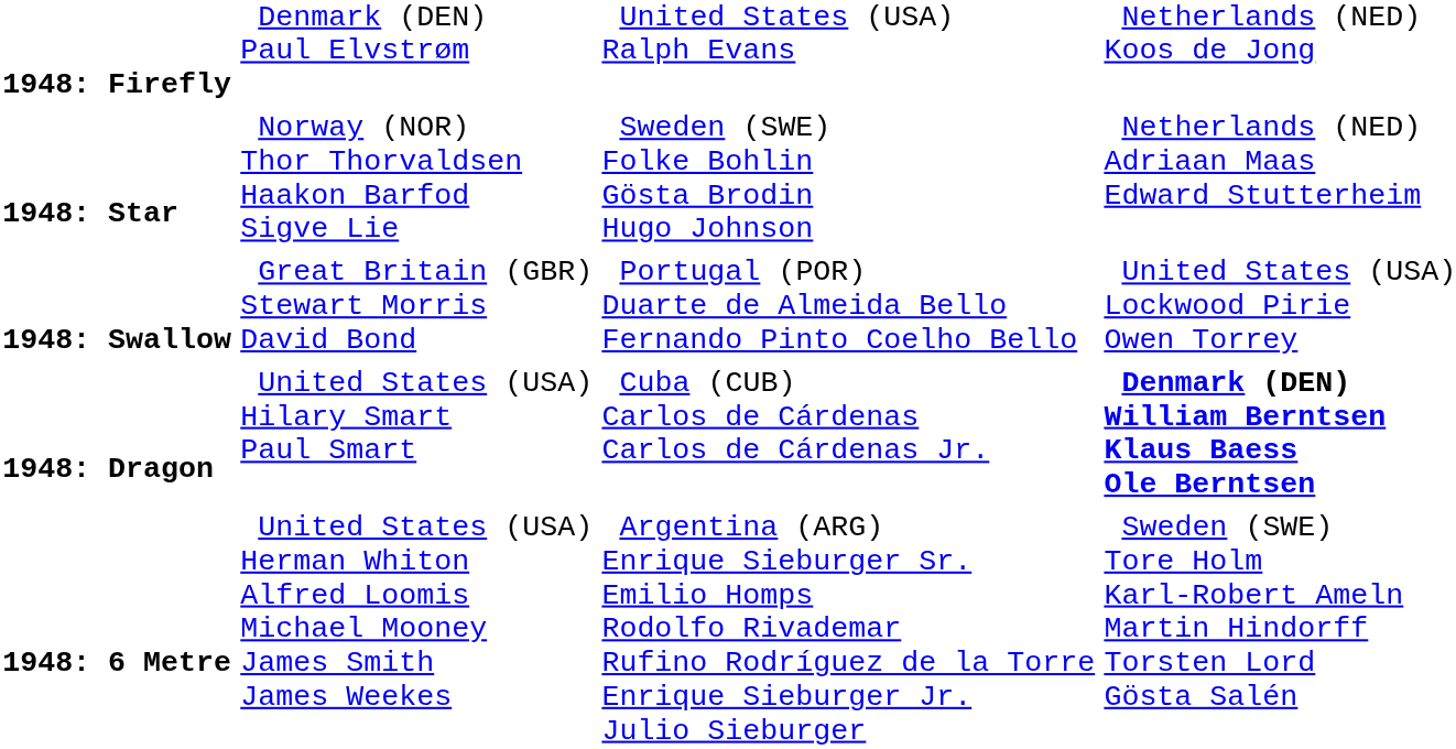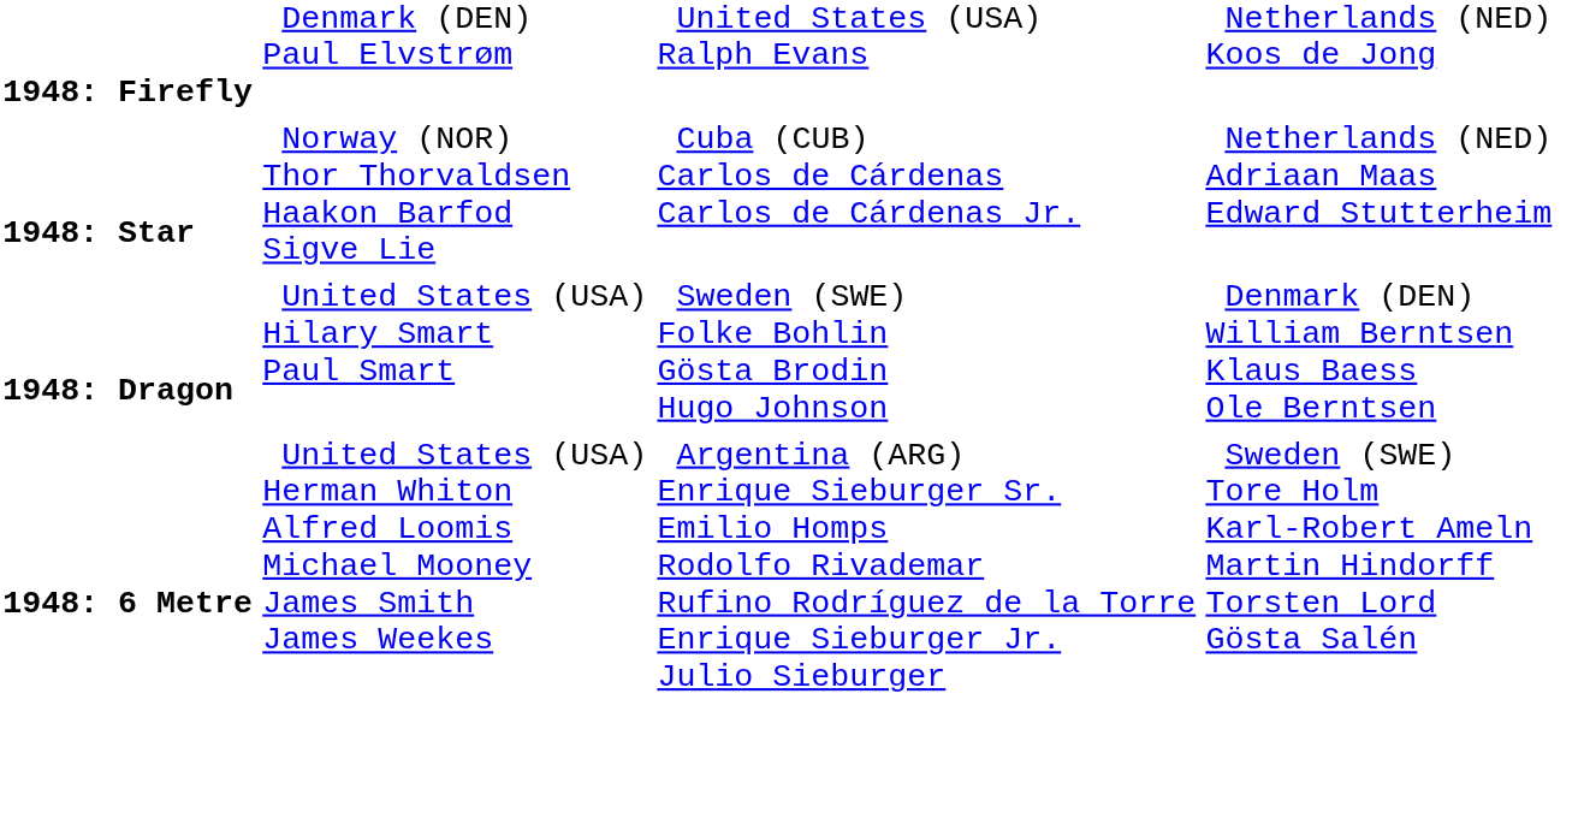 <table>
 <tr>
 <td style="align:center;"><br><br><strong>1948: Firefly</strong> <br></td>
 <td style="vertical-align:top;"> <a href='#'>Denmark</a> <span>(DEN)</span><br><a href='#'>Paul Elvstrøm</a></td>
 <td style="vertical-align:top;"> <a href='#'>United States</a> <span>(USA)</span><br><a href='#'>Ralph Evans</a></td>
 <td style="vertical-align:top;"> <a href='#'>Netherlands</a> <span>(NED)</span><br><a href='#'>Koos de Jong</a></td>
 </tr>
 <tr>
 <td style="align:center;"><br><br><strong>1948: Star</strong> <br></td>
 <td style="vertical-align:top;"> <a href='#'>Norway</a> <span>(NOR)</span><br><a href='#'>Thor Thorvaldsen</a><br><a href='#'>Haakon Barfod</a><br><a href='#'>Sigve Lie</a></td>
-<td style="vertical-align:top;"> <a href='#'>Sweden</a> <span>(SWE)</span><br><a href='#'>Folke Bohlin</a><br><a href='#'>Gösta Brodin</a><br><a href='#'>Hugo Johnson</a></td>
+<td style="vertical-align:top;"> <a href='#'>Cuba</a> <span>(CUB)</span><br><a href='#'>Carlos de Cárdenas</a><br><a href='#'>Carlos de Cárdenas Jr.</a></td>
 <td style="vertical-align:top;"> <a href='#'>Netherlands</a> <span>(NED)</span><br><a href='#'>Adriaan Maas</a><br><a href='#'>Edward Stutterheim</a></td>
-</tr>
-<tr>
-<td style="align:center;"><br><br><strong>1948: Swallow</strong> <br></td>
-<td style="vertical-align:top;"> <a href='#'>Great Britain</a> <span>(GBR)</span><br><a href='#'>Stewart Morris</a><br><a href='#'>David Bond</a></td>
-<td style="vertical-align:top;"> <a href='#'>Portugal</a> <span>(POR)</span><br><a href='#'>Duarte de Almeida Bello</a><br><a href='#'>Fernando Pinto Coelho Bello</a></td>
-<td style="vertical-align:top;"> <a href='#'>United States</a> <span>(USA)</span><br><a href='#'>Lockwood Pirie</a><br><a href='#'>Owen Torrey</a></td>
 </tr>
 <tr>
 <td style="align:center;"><br><br><strong>1948: Dragon</strong> <br></td>
 <td style="vertical-align:top;"> <a href='#'>United States</a> <span>(USA)</span><br><a href='#'>Hilary Smart</a><br><a href='#'>Paul Smart</a></td>
-<td style="vertical-align:top;"> <a href='#'>Cuba</a> <span>(CUB)</span><br><a href='#'>Carlos de Cárdenas</a><br><a href='#'>Carlos de Cárdenas Jr.</a></td>
-<td style="vertical-align:top;"><strong> <a href='#'>Denmark</a> <span>(DEN)</span><br><a href='#'>William Berntsen</a><br><a href='#'>Klaus Baess</a><br><a href='#'>Ole Berntsen</a></strong></td>
+<td style="vertical-align:top;"> <a href='#'>Sweden</a> <span>(SWE)</span><br><a href='#'>Folke Bohlin</a><br><a href='#'>Gösta Brodin</a><br><a href='#'>Hugo Johnson</a></td>
+<td style="vertical-align:top;"> <a href='#'>Denmark</a> <span>(DEN)</span><br><a href='#'>William Berntsen</a><br><a href='#'>Klaus Baess</a><br><a href='#'>Ole Berntsen</a></td>
 </tr>
 <tr>
 <td style="align:center;"><br><br><strong>1948: 6 Metre</strong> <br></td>
 <td style="vertical-align:top;"> <a href='#'>United States</a> <span>(USA)</span><br><a href='#'>Herman Whiton</a><br><a href='#'>Alfred Loomis</a><br><a href='#'>Michael Mooney</a><br><a href='#'>James Smith</a><br><a href='#'>James Weekes</a></td>
 <td style="vertical-align:top;"> <a href='#'>Argentina</a> <span>(ARG)</span><br><a href='#'>Enrique Sieburger Sr.</a><br><a href='#'>Emilio Homps</a><br><a href='#'>Rodolfo Rivademar</a><br><a href='#'>Rufino Rodríguez de la Torre</a><br><a href='#'>Enrique Sieburger Jr.</a><br><a href='#'>Julio Sieburger</a></td>
 <td style="vertical-align:top;"> <a href='#'>Sweden</a> <span>(SWE)</span><br><a href='#'>Tore Holm</a><br><a href='#'>Karl-Robert Ameln</a><br><a href='#'>Martin Hindorff</a><br><a href='#'>Torsten Lord</a><br><a href='#'>Gösta Salén</a></td>
 </tr>
 </table>
